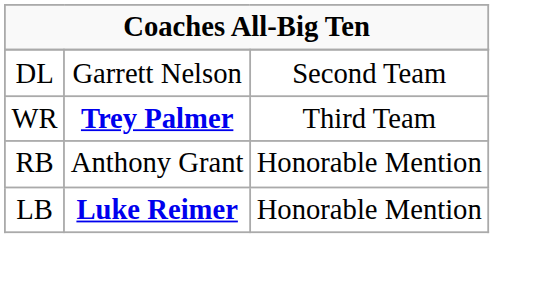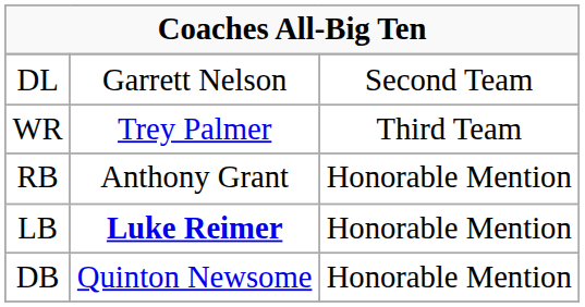 <table class="wikitable sortable" style="text-align:center">
 <tr>
 <td colspan="3"><strong>Coaches All-Big Ten</strong></td>
 </tr>
 <tr>
 </tr>
 <tr style="text-align:center;">
 <td style="background:white">DL</td>
 <td style="background:white">Garrett Nelson</td>
 <td style="background:white">Second Team</td>
 </tr>
 <tr style="text-align:center;">
 <td style="background:white">WR</td>
-<td style="background:white"><strong><a href='#'>Trey Palmer</a></strong></td>
+<td style="background:white"><a href='#'>Trey Palmer</a></td>
 <td style="background:white">Third Team</td>
 </tr>
 <tr style="text-align:center;">
 <td style="background:white">RB</td>
 <td style="background:white">Anthony Grant</td>
 <td style="background:white">Honorable Mention</td>
 </tr>
 <tr style="text-align:center;">
 <td style="background:white">LB</td>
 <td style="background:white"><strong><a href='#'>Luke Reimer</a></strong></td>
 <td style="background:white">Honorable Mention</td>
 </tr>
+<tr style="text-align:center;">
+<td style="background:white">DB</td>
+<td style="background:white"><a href='#'>Quinton Newsome</a></td>
+<td style="background:white">Honorable Mention</td>
+</tr>
 </table>
